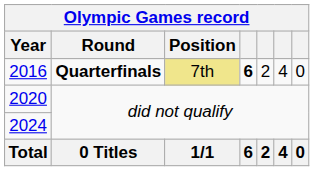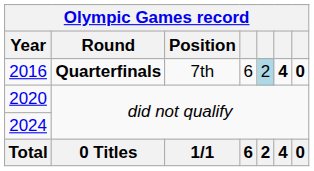 <table class="wikitable" style="text-align: center;">
 <tr>
 <th colspan=10><a href='#'>Olympic Games record</a></th>
 </tr>
 <tr>
 <th>Year</th>
 <th>Round</th>
 <th>Position</th>
 <th></th>
 <th></th>
 <th></th>
 <th></th>
 </tr>
 <tr>
 <td> <a href='#'>2016</a></td>
 <td><strong>Quarterfinals</strong></td>
-<td style="background: khaki;">7th</td>
-<td><strong>6</strong></td>
-<td>2</td>
-<td>4</td>
-<td>0</td>
+<td>7th</td>
+<td>6</td>
+<td style="background: lightblue;">2</td>
+<td><strong>4</strong></td>
+<td><strong>0</strong></td>
 </tr>
 <tr>
 <td> <a href='#'>2020</a></td>
 <td colspan="6" rowspan="2"><em>did not qualify</em></td>
 </tr>
 <tr>
 <td> <a href='#'>2024</a></td>
 </tr>
 <tr>
 <th>Total</th>
 <th>0 Titles</th>
 <th>1/1</th>
 <th>6</th>
 <th>2</th>
 <th>4</th>
 <th>0</th>
 </tr>
 </table>
